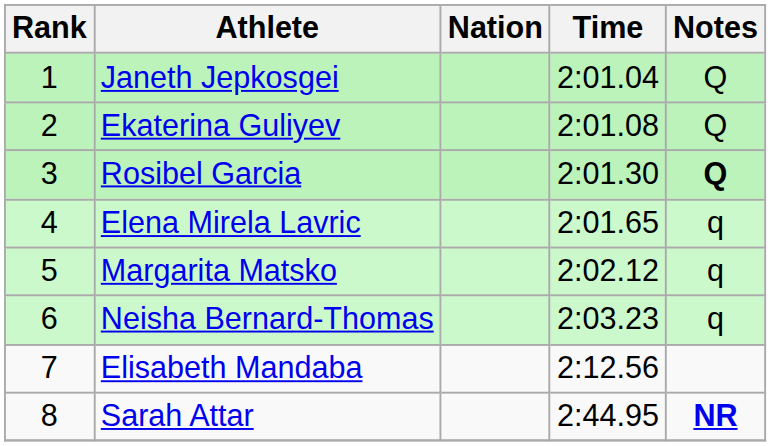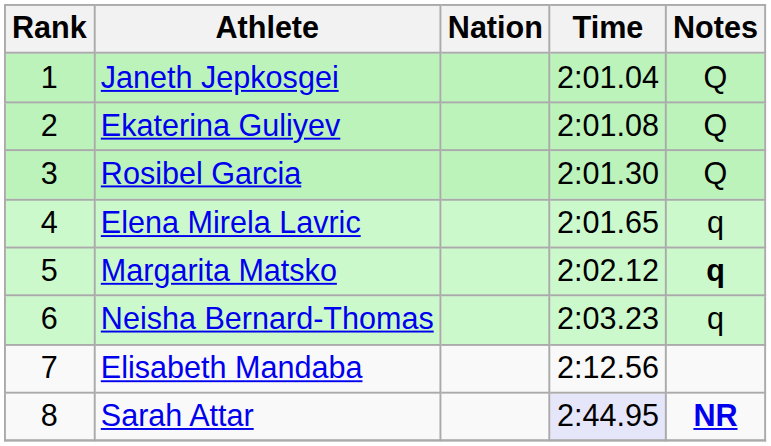 <table class="wikitable sortable" style="text-align:center">
 <tr>
 <th>Rank</th>
 <th>Athlete</th>
 <th>Nation</th>
 <th>Time</th>
 <th>Notes</th>
 </tr>
 <tr bgcolor=bbf3bb>
 <td>1</td>
 <td align=left><a href='#'>Janeth Jepkosgei</a></td>
 <td align=left></td>
 <td>2:01.04</td>
 <td>Q</td>
 </tr>
 <tr bgcolor=bbf3bb>
 <td>2</td>
 <td align=left><a href='#'>Ekaterina Guliyev</a></td>
 <td align=left></td>
 <td>2:01.08</td>
 <td>Q</td>
 </tr>
 <tr bgcolor=bbf3bb>
 <td>3</td>
 <td align=left><a href='#'>Rosibel Garcia</a></td>
 <td align=left></td>
 <td>2:01.30</td>
-<td><strong>Q</strong></td>
+<td>Q</td>
 </tr>
 <tr bgcolor=#ccf9cc>
 <td>4</td>
 <td align=left><a href='#'>Elena Mirela Lavric</a></td>
 <td align=left></td>
 <td>2:01.65</td>
 <td>q</td>
 </tr>
 <tr bgcolor=#ccf9cc>
 <td>5</td>
 <td align=left><a href='#'>Margarita Matsko</a></td>
 <td align=left></td>
 <td>2:02.12</td>
-<td>q</td>
+<td><strong>q</strong></td>
 </tr>
 <tr bgcolor=#ccf9cc>
 <td>6</td>
 <td align=left><a href='#'>Neisha Bernard-Thomas</a></td>
 <td align=left></td>
 <td>2:03.23</td>
 <td>q</td>
 </tr>
 <tr>
 <td>7</td>
 <td align=left><a href='#'>Elisabeth Mandaba</a></td>
 <td align=left></td>
 <td>2:12.56</td>
 <td></td>
 </tr>
 <tr>
 <td>8</td>
 <td align=left><a href='#'>Sarah Attar</a></td>
 <td align=left></td>
-<td>2:44.95</td>
+<td style="background: lavender;">2:44.95</td>
 <td><strong><a href='#'>NR</a></strong></td>
 </tr>
 <tr>
 </tr>
 </table>
